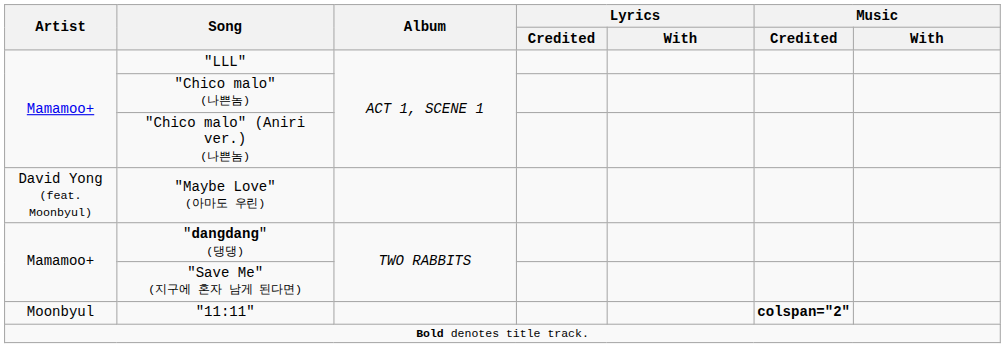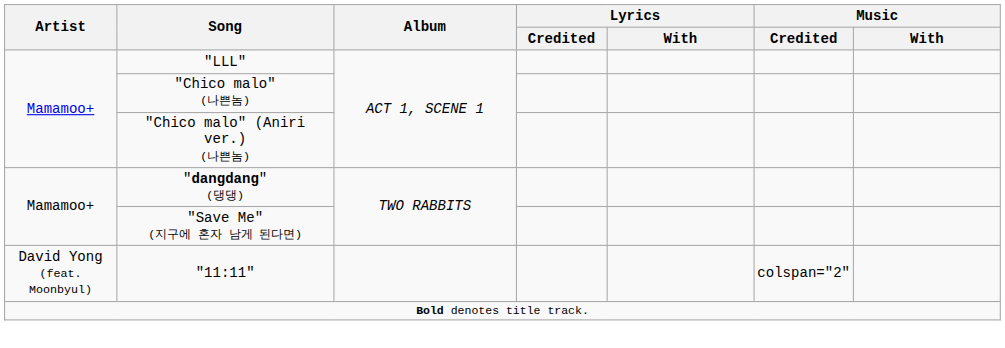 <table class="wikitable" style="text-align:center;">
 <tr>
 <th rowspan="2" style="width:7.5em;">Artist</th>
 <th rowspan="2" style="width:15em;">Song</th>
 <th rowspan="2" style="width:12.5em;">Album</th>
 <th colspan="2" style="width:16em;">Lyrics</th>
 <th colspan="2" style="width:16em;">Music</th>
 </tr>
 <tr>
 <th style="width:6em;">Credited</th>
 <th style="width:10em;">With</th>
 <th style="width:6em;">Credited</th>
 <th style="width:10em;">With</th>
 </tr>
 <tr>
 <td rowspan="3"><a href='#'>Mamamoo+</a></td>
 <td>"LLL"</td>
 <td rowspan="3"><em>ACT 1, SCENE 1</em></td>
 <td></td>
 <td></td>
 <td></td>
 <td></td>
 </tr>
 <tr>
 <td>"Chico malo" <br><small>(나쁜놈)</small></td>
 <td></td>
 <td></td>
 <td></td>
 <td></td>
 </tr>
 <tr>
 <td>"Chico malo" (Aniri ver.) <br><small>(나쁜놈)</small></td>
 <td></td>
 <td></td>
 <td></td>
 <td></td>
 </tr>
 <tr>
-<td>David Yong <br><small>(feat. Moonbyul)</small></td>
-<td>"Maybe Love" <br><small>(아마도 우린)</small></td>
-<td></td>
-<td></td>
-<td></td>
-<td></td>
-<td></td>
-</tr>
-<tr>
 <td rowspan="2">Mamamoo+</td>
 <td>"<strong>dangdang</strong>" <br><small>(댕댕)</small></td>
 <td rowspan="2"><em>TWO RABBITS</em></td>
 <td></td>
 <td></td>
 <td></td>
 <td></td>
 </tr>
 <tr>
 <td>"Save Me" <br><small>(지구에 혼자 남게 된다면)</small></td>
 <td></td>
 <td></td>
 <td></td>
 <td></td>
 </tr>
 <tr>
-<td>Moonbyul</td>
+<td>David Yong <br><small>(feat. Moonbyul)</small></td>
 <td>"11:11"</td>
 <td></td>
 <td></td>
 <td></td>
-<td><strong>colspan="2" </strong></td>
+<td>colspan="2" </td>
 </tr>
 <tr>
 <td colspan="7" style="text-align:center; font-size:8pt;"><strong>Bold</strong> denotes title track.</td>
 </tr>
 </table>
